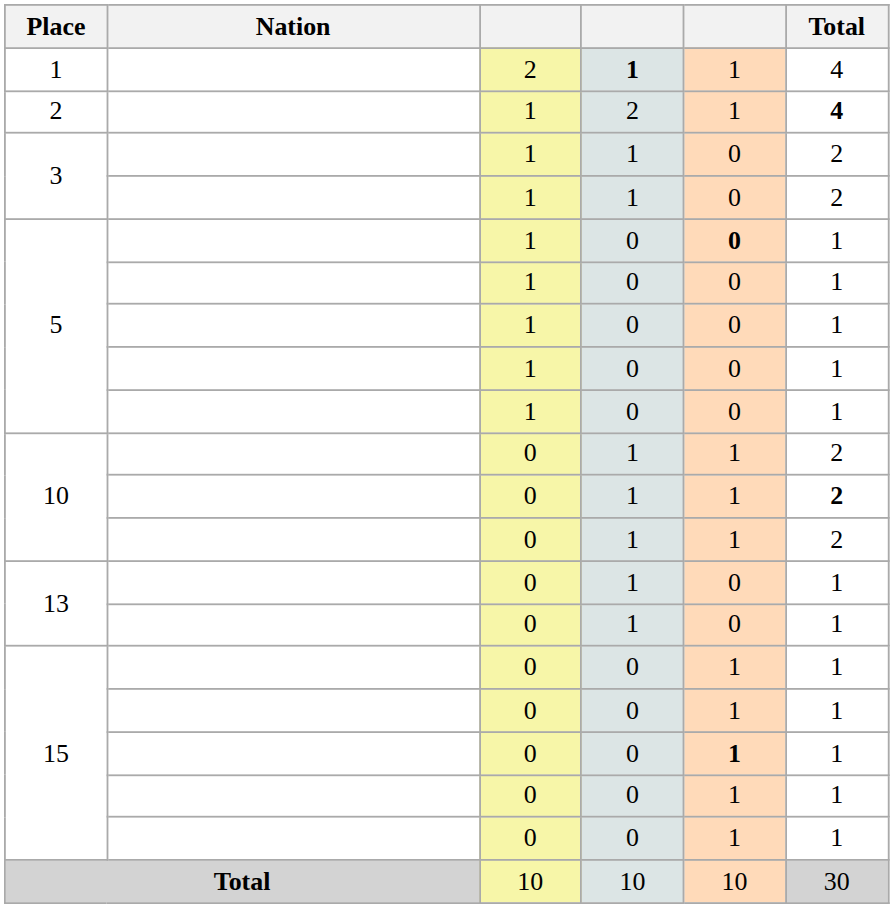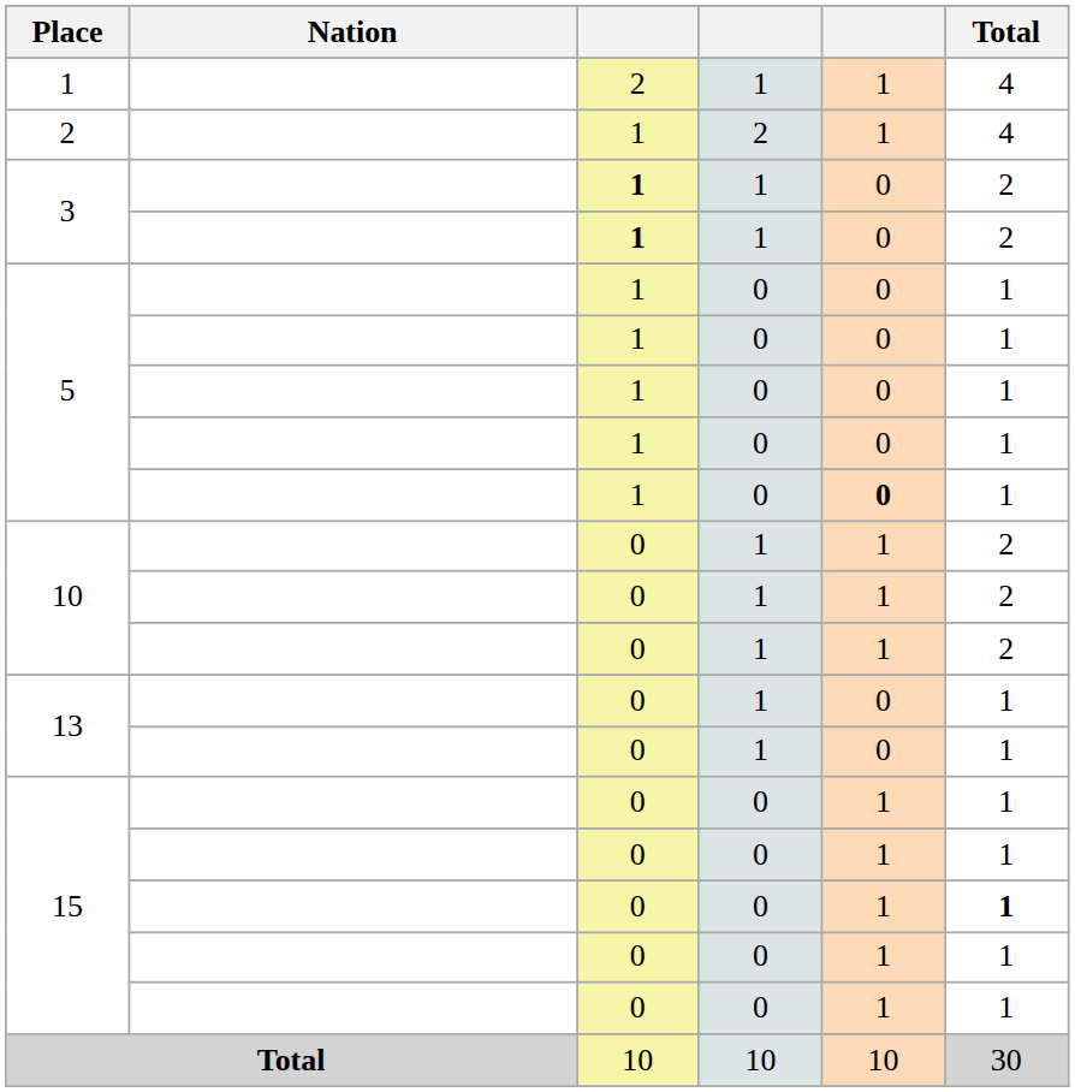 <table class=wikitable style="border:1px solid #AAAAAA;font-size:90%">
 <tr bgcolor="#EFEFEF">
 <th width=50>Place</th>
 <th width=200>Nation</th>
 <th width=50></th>
 <th width=50></th>
 <th width=50></th>
 <th width=50>Total</th>
 </tr>
 <tr align="center" valign="center" bgcolor="#FFFFFF">
 <td>1</td>
 <td align="left"></td>
 <td style="background:#F7F6A8;">2</td>
-<td style="background:#DCE5E5;"><strong>1</strong></td>
+<td style="background:#DCE5E5;">1</td>
 <td style="background:#FFDAB9;">1</td>
 <td>4</td>
 </tr>
 <tr align="center" valign="center" bgcolor="#FFFFFF">
 <td>2</td>
 <td align="left"></td>
 <td style="background:#F7F6A8;">1</td>
 <td style="background:#DCE5E5;">2</td>
 <td style="background:#FFDAB9;">1</td>
-<td><strong>4</strong></td>
+<td>4</td>
 </tr>
 <tr align="center" valign="center" bgcolor="#FFFFFF">
 <td rowspan="2">3</td>
 <td align="left"></td>
-<td style="background:#F7F6A8;">1</td>
+<td style="background:#F7F6A8;"><strong>1</strong></td>
 <td style="background:#DCE5E5;">1</td>
 <td style="background:#FFDAB9;">0</td>
 <td>2</td>
 </tr>
 <tr align="center" valign="center" bgcolor="#FFFFFF">
 <td align="left"></td>
-<td style="background:#F7F6A8;">1</td>
+<td style="background:#F7F6A8;"><strong>1</strong></td>
 <td style="background:#DCE5E5;">1</td>
 <td style="background:#FFDAB9;">0</td>
 <td>2</td>
 </tr>
 <tr align="center" valign="center" bgcolor="#FFFFFF">
 <td rowspan="5">5</td>
-<td align="left"></td>
-<td style="background:#F7F6A8;">1</td>
-<td style="background:#DCE5E5;">0</td>
-<td style="background:#FFDAB9;"><strong>0</strong></td>
-<td>1</td>
-</tr>
-<tr align="center" valign="center" bgcolor="#FFFFFF">
 <td align="left"></td>
 <td style="background:#F7F6A8;">1</td>
 <td style="background:#DCE5E5;">0</td>
 <td style="background:#FFDAB9;">0</td>
 <td>1</td>
 </tr>
 <tr align="center" valign="center" bgcolor="#FFFFFF">
 <td align="left"></td>
 <td style="background:#F7F6A8;">1</td>
 <td style="background:#DCE5E5;">0</td>
 <td style="background:#FFDAB9;">0</td>
 <td>1</td>
 </tr>
 <tr align="center" valign="center" bgcolor="#FFFFFF">
 <td align="left"></td>
 <td style="background:#F7F6A8;">1</td>
 <td style="background:#DCE5E5;">0</td>
 <td style="background:#FFDAB9;">0</td>
 <td>1</td>
 </tr>
 <tr align="center" valign="center" bgcolor="#FFFFFF">
 <td align="left"></td>
 <td style="background:#F7F6A8;">1</td>
 <td style="background:#DCE5E5;">0</td>
 <td style="background:#FFDAB9;">0</td>
 <td>1</td>
 </tr>
 <tr align="center" valign="center" bgcolor="#FFFFFF">
+<td align="left"></td>
+<td style="background:#F7F6A8;">1</td>
+<td style="background:#DCE5E5;">0</td>
+<td style="background:#FFDAB9;"><strong>0</strong></td>
+<td>1</td>
+</tr>
+<tr align="center" valign="center" bgcolor="#FFFFFF">
 <td rowspan="3">10</td>
 <td align="left"></td>
 <td style="background:#F7F6A8;">0</td>
 <td style="background:#DCE5E5;">1</td>
 <td style="background:#FFDAB9;">1</td>
 <td>2</td>
 </tr>
 <tr align="center" valign="center" bgcolor="#FFFFFF">
 <td align="left"></td>
 <td style="background:#F7F6A8;">0</td>
 <td style="background:#DCE5E5;">1</td>
 <td style="background:#FFDAB9;">1</td>
-<td><strong>2</strong></td>
+<td>2</td>
 </tr>
 <tr align="center" valign="center" bgcolor="#FFFFFF">
 <td align="left"></td>
 <td style="background:#F7F6A8;">0</td>
 <td style="background:#DCE5E5;">1</td>
 <td style="background:#FFDAB9;">1</td>
 <td>2</td>
 </tr>
 <tr align="center" valign="center" bgcolor="#FFFFFF">
 <td rowspan="2">13</td>
 <td align="left"></td>
 <td style="background:#F7F6A8;">0</td>
 <td style="background:#DCE5E5;">1</td>
 <td style="background:#FFDAB9;">0</td>
 <td>1</td>
 </tr>
 <tr align="center" valign="center" bgcolor="#FFFFFF">
 <td align="left"></td>
 <td style="background:#F7F6A8;">0</td>
 <td style="background:#DCE5E5;">1</td>
 <td style="background:#FFDAB9;">0</td>
 <td>1</td>
 </tr>
 <tr align="center" valign="center" bgcolor="#FFFFFF">
 <td rowspan="5">15</td>
 <td align="left"></td>
 <td style="background:#F7F6A8;">0</td>
 <td style="background:#DCE5E5;">0</td>
 <td style="background:#FFDAB9;">1</td>
 <td>1</td>
 </tr>
 <tr align="center" valign="center" bgcolor="#FFFFFF">
 <td align="left"></td>
 <td style="background:#F7F6A8;">0</td>
 <td style="background:#DCE5E5;">0</td>
 <td style="background:#FFDAB9;">1</td>
 <td>1</td>
 </tr>
 <tr align="center" valign="center" bgcolor="#FFFFFF">
 <td align="left"></td>
 <td style="background:#F7F6A8;">0</td>
 <td style="background:#DCE5E5;">0</td>
-<td style="background:#FFDAB9;"><strong>1</strong></td>
-<td>1</td>
+<td style="background:#FFDAB9;">1</td>
+<td><strong>1</strong></td>
 </tr>
 <tr align="center" valign="center" bgcolor="#FFFFFF">
 <td align="left"></td>
 <td style="background:#F7F6A8;">0</td>
 <td style="background:#DCE5E5;">0</td>
 <td style="background:#FFDAB9;">1</td>
 <td>1</td>
 </tr>
 <tr align="center" valign="center" bgcolor="#FFFFFF">
 <td align="left"></td>
 <td style="background:#F7F6A8;">0</td>
 <td style="background:#DCE5E5;">0</td>
 <td style="background:#FFDAB9;">1</td>
 <td>1</td>
 </tr>
 <tr align="center">
 <td colspan="2" bgcolor=D3D3D3><strong>Total</strong></td>
 <td style="background:#F7F6A8;">10</td>
 <td style="background:#DCE5E5;">10</td>
 <td style="background:#FFDAB9;">10</td>
 <td bgcolor=D3D3D3>30</td>
 </tr>
 </table>
